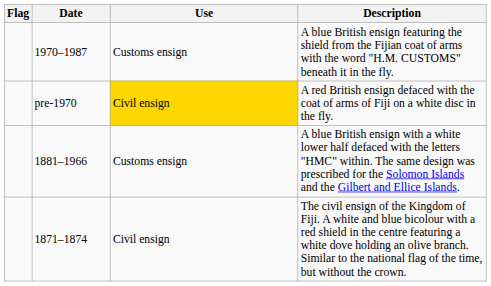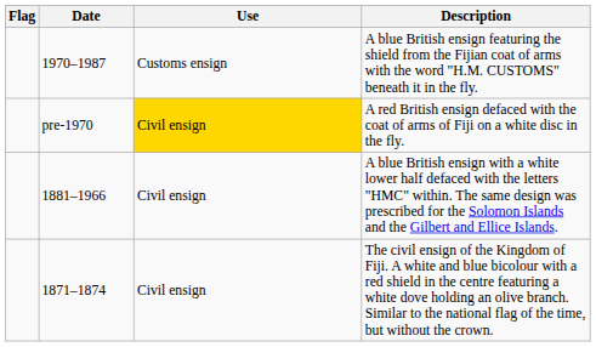 <table class="wikitable">
 <tr>
 <th>Flag</th>
 <th style="width:100px;">Date</th>
 <th style="width:250px;">Use</th>
 <th style="width:250px;">Description</th>
 </tr>
 <tr>
 <td></td>
 <td>1970–1987</td>
 <td>Customs ensign</td>
 <td>A blue British ensign featuring the shield from the Fijian coat of arms with the word "H.M. CUSTOMS" beneath it in the fly.</td>
 </tr>
 <tr>
 <td></td>
 <td>pre-1970</td>
 <td style="background: gold;">Civil ensign</td>
 <td>A red British ensign defaced with the coat of arms of Fiji on a white disc in the fly.</td>
 </tr>
 <tr>
 <td></td>
 <td>1881–1966</td>
-<td>Customs ensign</td>
+<td>Civil ensign</td>
 <td>A blue British ensign with a white lower half defaced with the letters "HMC" within. The same design was prescribed for the <a href='#'>Solomon Islands</a> and the <a href='#'>Gilbert and Ellice Islands</a>.</td>
 </tr>
 <tr>
 <td></td>
 <td>1871–1874</td>
 <td>Civil ensign</td>
 <td>The civil ensign of the Kingdom of Fiji. A white and blue bicolour with a red shield in the centre featuring a white dove holding an olive branch. Similar to the national flag of the time, but without the crown.</td>
 </tr>
 </table>
